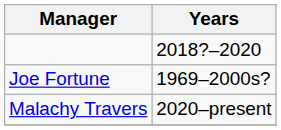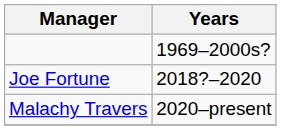 <table class="wikitable">
 <tr>
 <th>Manager</th>
 <th>Years</th>
 </tr>
 <tr>
 <td></td>
-<td> 2018?–2020</td>
+<td>1969–2000s?</td>
 </tr>
 <tr>
 <td><a href='#'>Joe Fortune</a></td>
-<td>1969–2000s?</td>
+<td> 2018?–2020</td>
 </tr>
 <tr>
 <td><a href='#'>Malachy Travers</a></td>
 <td>2020–present</td>
 </tr>
 <tr>
 </tr>
 </table>
